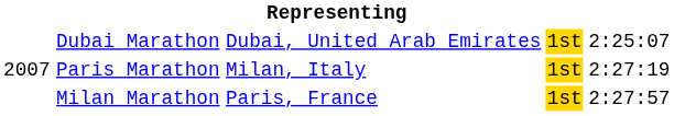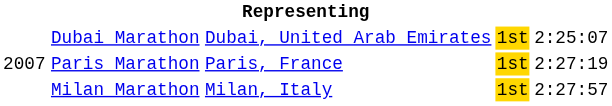 <table>
 <tr>
 <th colspan="5">Representing </th>
 </tr>
 <tr>
 <td rowspan=3>2007</td>
 <td><a href='#'>Dubai Marathon</a></td>
 <td><a href='#'>Dubai, United Arab Emirates</a></td>
 <td bgcolor="gold">1st</td>
 <td>2:25:07</td>
 </tr>
 <tr>
 <td><a href='#'>Paris Marathon</a></td>
-<td><a href='#'>Milan, Italy</a></td>
+<td><a href='#'>Paris, France</a></td>
 <td bgcolor="gold">1st</td>
 <td>2:27:19</td>
 </tr>
 <tr>
 <td><a href='#'>Milan Marathon</a></td>
-<td><a href='#'>Paris, France</a></td>
+<td><a href='#'>Milan, Italy</a></td>
 <td bgcolor="gold">1st</td>
 <td>2:27:57</td>
 </tr>
 </table>
